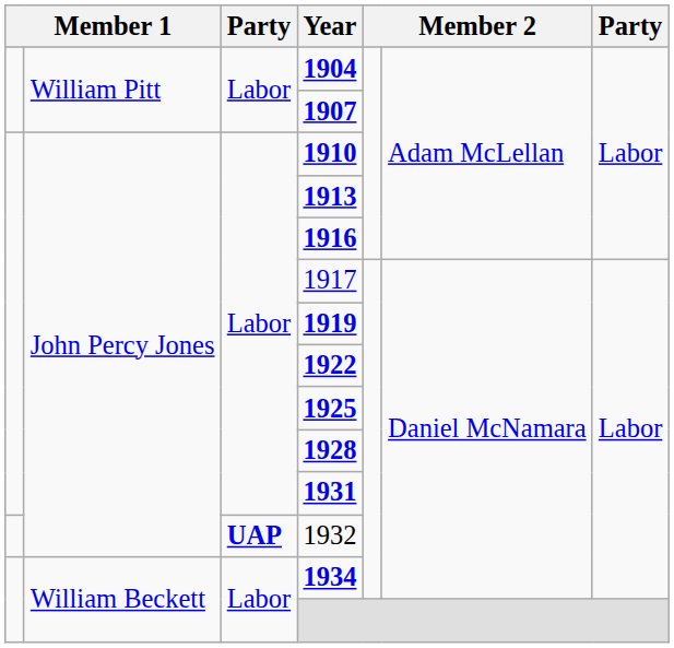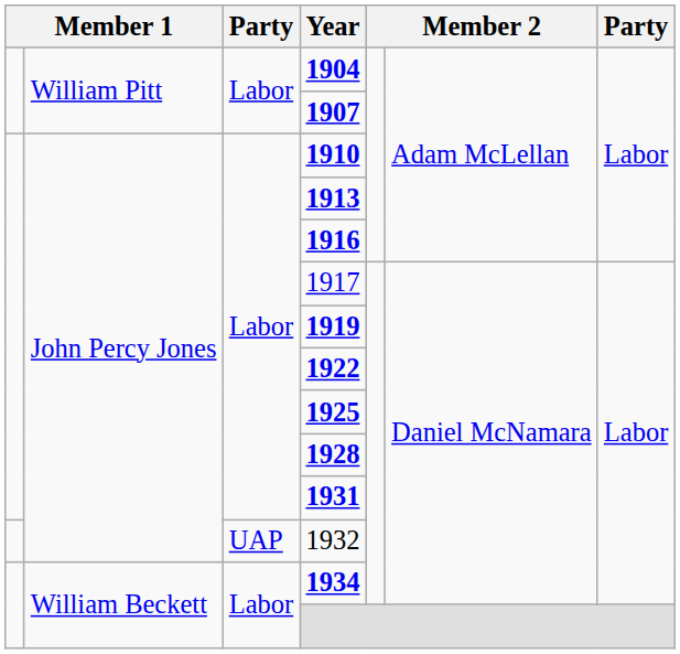 <table class="wikitable">
 <tr>
 <th colspan=2>Member 1</th>
 <th>Party</th>
 <th>Year</th>
 <th colspan=2>Member 2</th>
 <th>Party</th>
 </tr>
 <tr>
 <td rowspan=2 > </td>
 <td rowspan=2><a href='#'>William Pitt</a></td>
 <td rowspan=2><a href='#'>Labor</a></td>
 <td><strong><a href='#'>1904</a></strong></td>
 <td rowspan=5 > </td>
 <td rowspan=5><a href='#'>Adam McLellan</a></td>
 <td rowspan=5><a href='#'>Labor</a></td>
 </tr>
 <tr>
 <td><strong><a href='#'>1907</a></strong></td>
 </tr>
 <tr>
 <td rowspan=9 > </td>
 <td rowspan=10><a href='#'>John Percy Jones</a></td>
 <td rowspan=9><a href='#'>Labor</a></td>
 <td><strong><a href='#'>1910</a></strong></td>
 </tr>
 <tr>
 <td><strong><a href='#'>1913</a></strong></td>
 </tr>
 <tr>
 <td><strong><a href='#'>1916</a></strong></td>
 </tr>
 <tr>
 <td><a href='#'>1917</a></td>
 <td rowspan=8 > </td>
 <td rowspan=8><a href='#'>Daniel McNamara</a></td>
 <td rowspan=8><a href='#'>Labor</a></td>
 </tr>
 <tr>
 <td><strong><a href='#'>1919</a></strong></td>
 </tr>
 <tr>
 <td><strong><a href='#'>1922</a></strong></td>
 </tr>
 <tr>
 <td><strong><a href='#'>1925</a></strong></td>
 </tr>
 <tr>
 <td><strong><a href='#'>1928</a></strong></td>
 </tr>
 <tr>
 <td><strong><a href='#'>1931</a></strong></td>
 </tr>
 <tr>
 <td> </td>
-<td><strong><a href='#'>UAP</a></strong></td>
+<td><a href='#'>UAP</a></td>
 <td>1932</td>
 </tr>
 <tr>
 <td rowspan=2 > </td>
 <td rowspan=2><a href='#'>William Beckett</a></td>
 <td rowspan=2><a href='#'>Labor</a></td>
 <td><strong><a href='#'>1934</a></strong></td>
 </tr>
 <tr>
 <td colspan=4  bgcolor=#DFDFDF> </td>
 </tr>
 </table>
